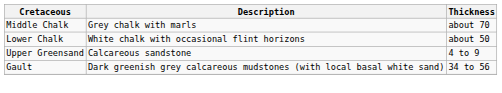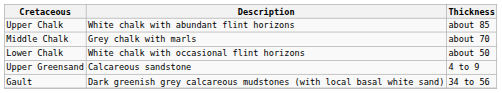 <table class="wikitable sortable">
 <tr>
 <th>Cretaceous</th>
 <th>Description</th>
 <th>Thickness</th>
+</tr>
+<tr>
+<td>Upper Chalk</td>
+<td>White chalk with abundant flint horizons</td>
+<td>about 85</td>
 </tr>
 <tr>
 <td>Middle Chalk</td>
 <td>Grey chalk with marls</td>
 <td>about 70</td>
 </tr>
 <tr>
 <td>Lower Chalk</td>
 <td>White chalk with occasional flint horizons</td>
 <td>about 50</td>
 </tr>
 <tr>
 <td>Upper Greensand</td>
 <td>Calcareous sandstone</td>
 <td>4 to 9</td>
 </tr>
 <tr>
 <td>Gault</td>
 <td>Dark greenish grey calcareous mudstones (with local basal white sand)</td>
 <td>34 to 56</td>
 </tr>
 <tr>
 </tr>
 </table>
